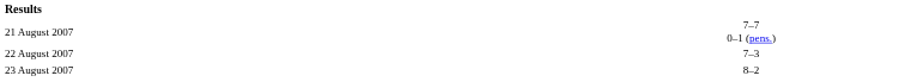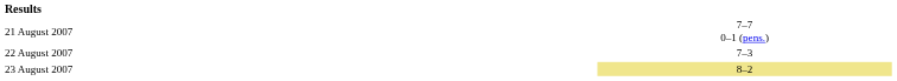 <table style="width:100%; font-size:90%;">
 <tr>
 <th width=20%></th>
 <th width=20%></th>
 <th width=20%></th>
 </tr>
 <tr>
 <td style=font-size:110%><strong>Results</strong></td>
 </tr>
 <tr>
 <td>21 August 2007</td>
 <td align=right></td>
 <td align=center>7–7 <br>0–1 (<a href='#'>pens.</a>)</td>
 <td></td>
 </tr>
 <tr>
 <td>22 August 2007</td>
 <td align=right></td>
 <td align=center>7–3</td>
 <td></td>
 </tr>
 <tr>
 <td>23 August 2007</td>
 <td align=right></td>
-<td align=center>8–2</td>
+<td align=center style="background: khaki;">8–2</td>
 <td></td>
 </tr>
 </table>
